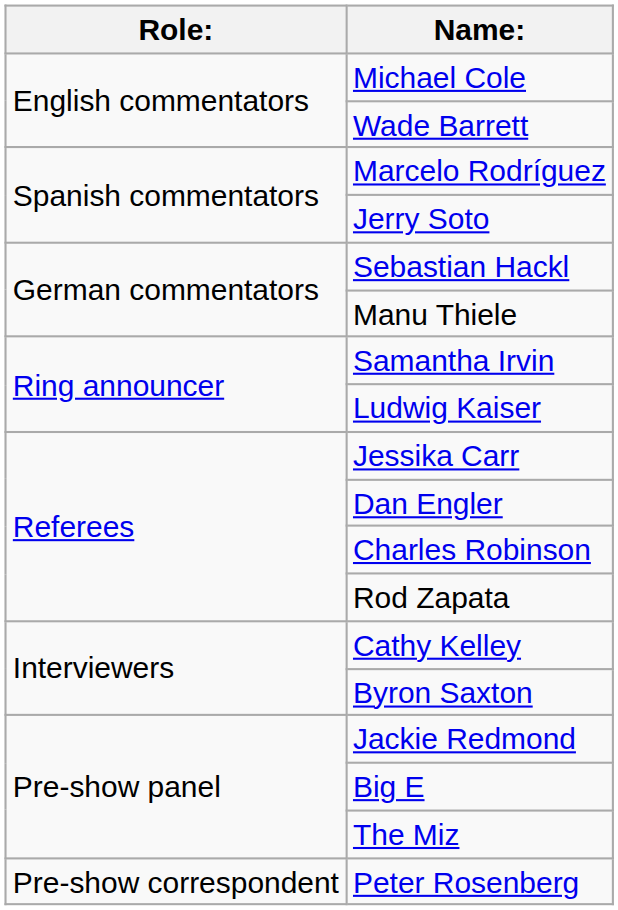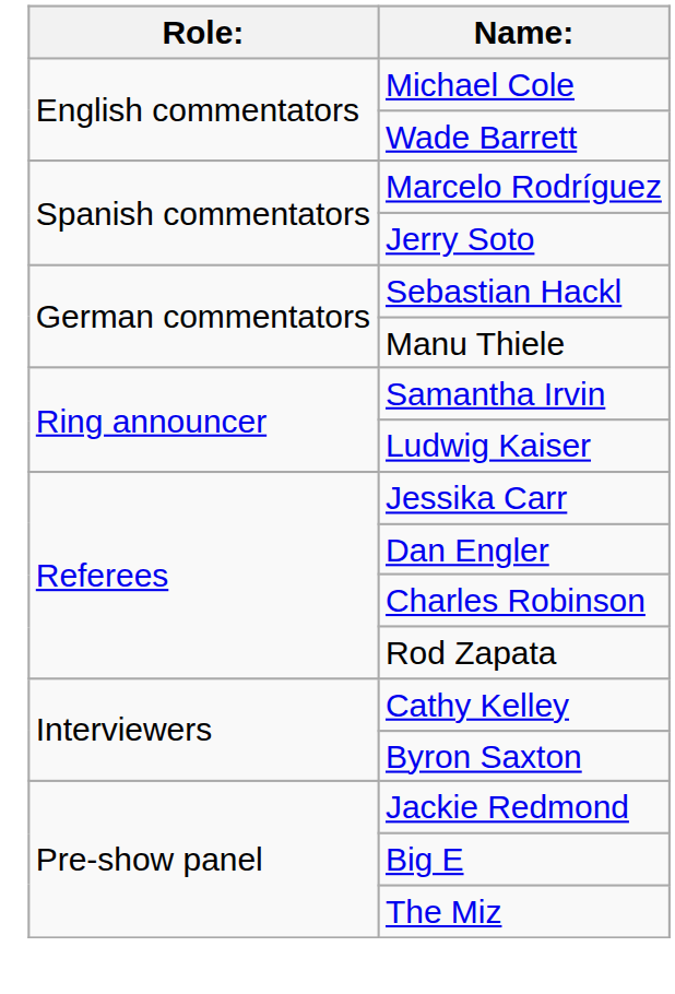 <table class=wikitable style="font-size:90%; margin: 0.5em 0 0.5em 1em; float: right; clear: right;">
 <tr>
 <th>Role:</th>
 <th>Name:</th>
 </tr>
 <tr>
 <td rowspan=2>English commentators</td>
 <td><a href='#'>Michael Cole</a></td>
 </tr>
 <tr>
 <td><a href='#'>Wade Barrett</a></td>
 </tr>
 <tr>
 <td rowspan=2>Spanish commentators</td>
 <td><a href='#'>Marcelo Rodríguez</a></td>
 </tr>
 <tr>
 <td><a href='#'>Jerry Soto</a></td>
 </tr>
 <tr>
 <td rowspan=2>German commentators</td>
 <td><a href='#'>Sebastian Hackl</a></td>
 </tr>
 <tr>
 <td>Manu Thiele</td>
 </tr>
 <tr>
 <td rowspan="2"><a href='#'>Ring announcer</a></td>
 <td><a href='#'>Samantha Irvin</a></td>
 </tr>
 <tr>
 <td><a href='#'>Ludwig Kaiser</a> </td>
 </tr>
 <tr>
 <td rowspan=4><a href='#'>Referees</a></td>
 <td><a href='#'>Jessika Carr</a></td>
 </tr>
 <tr>
 <td><a href='#'>Dan Engler</a></td>
 </tr>
 <tr>
 <td><a href='#'>Charles Robinson</a></td>
 </tr>
 <tr>
 <td>Rod Zapata</td>
 </tr>
 <tr>
 <td rowspan=2>Interviewers</td>
 <td><a href='#'>Cathy Kelley</a></td>
 </tr>
 <tr>
 <td><a href='#'>Byron Saxton</a></td>
 </tr>
 <tr>
 <td rowspan=3>Pre-show panel</td>
 <td><a href='#'>Jackie Redmond</a></td>
 </tr>
 <tr>
 <td><a href='#'>Big E</a></td>
 </tr>
 <tr>
 <td><a href='#'>The Miz</a></td>
 </tr>
-<tr>
-<td>Pre-show correspondent</td>
-<td><a href='#'>Peter Rosenberg</a></td>
-</tr>
 </table>
